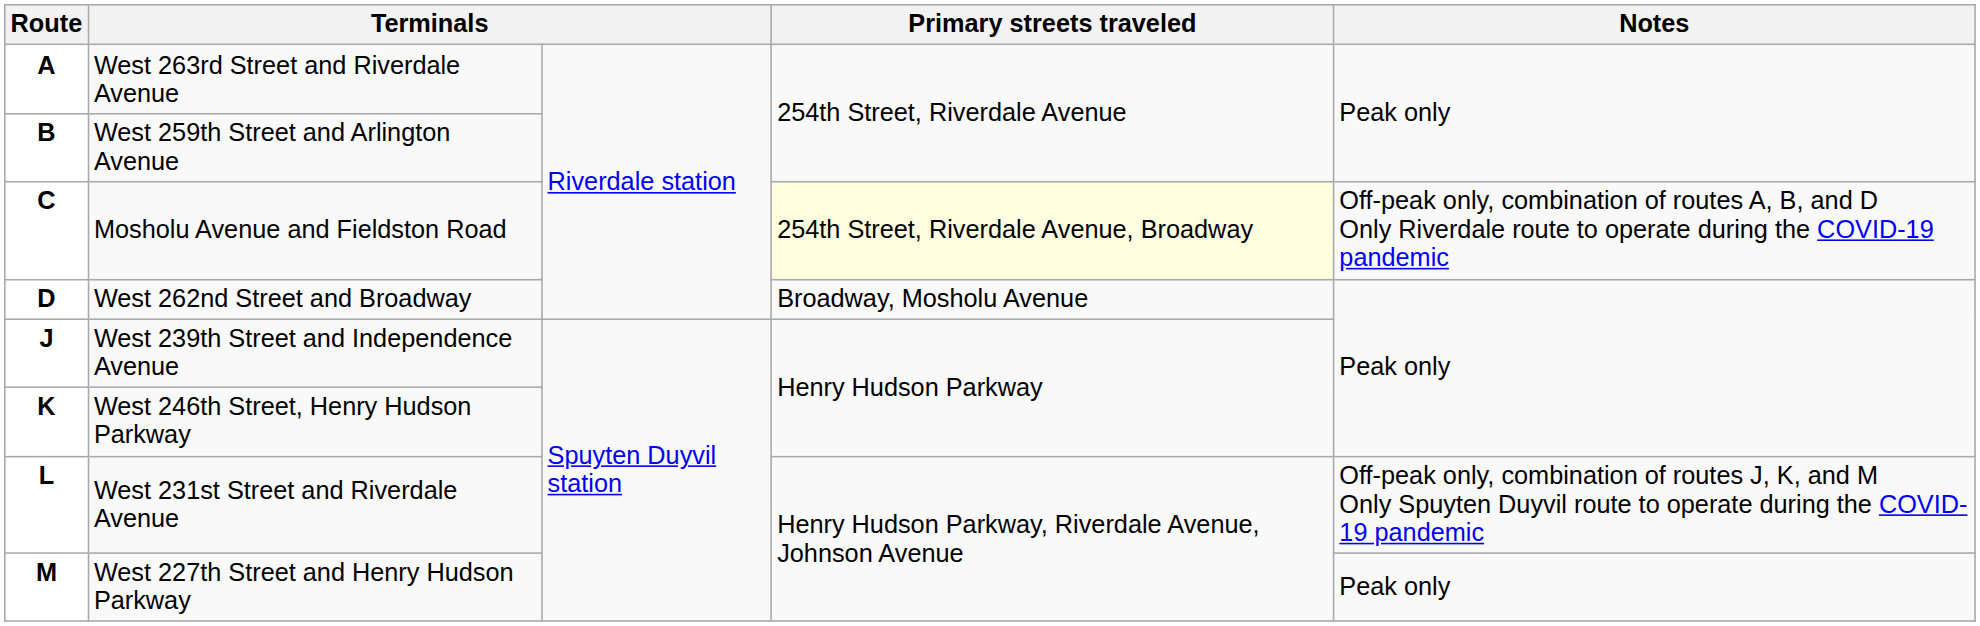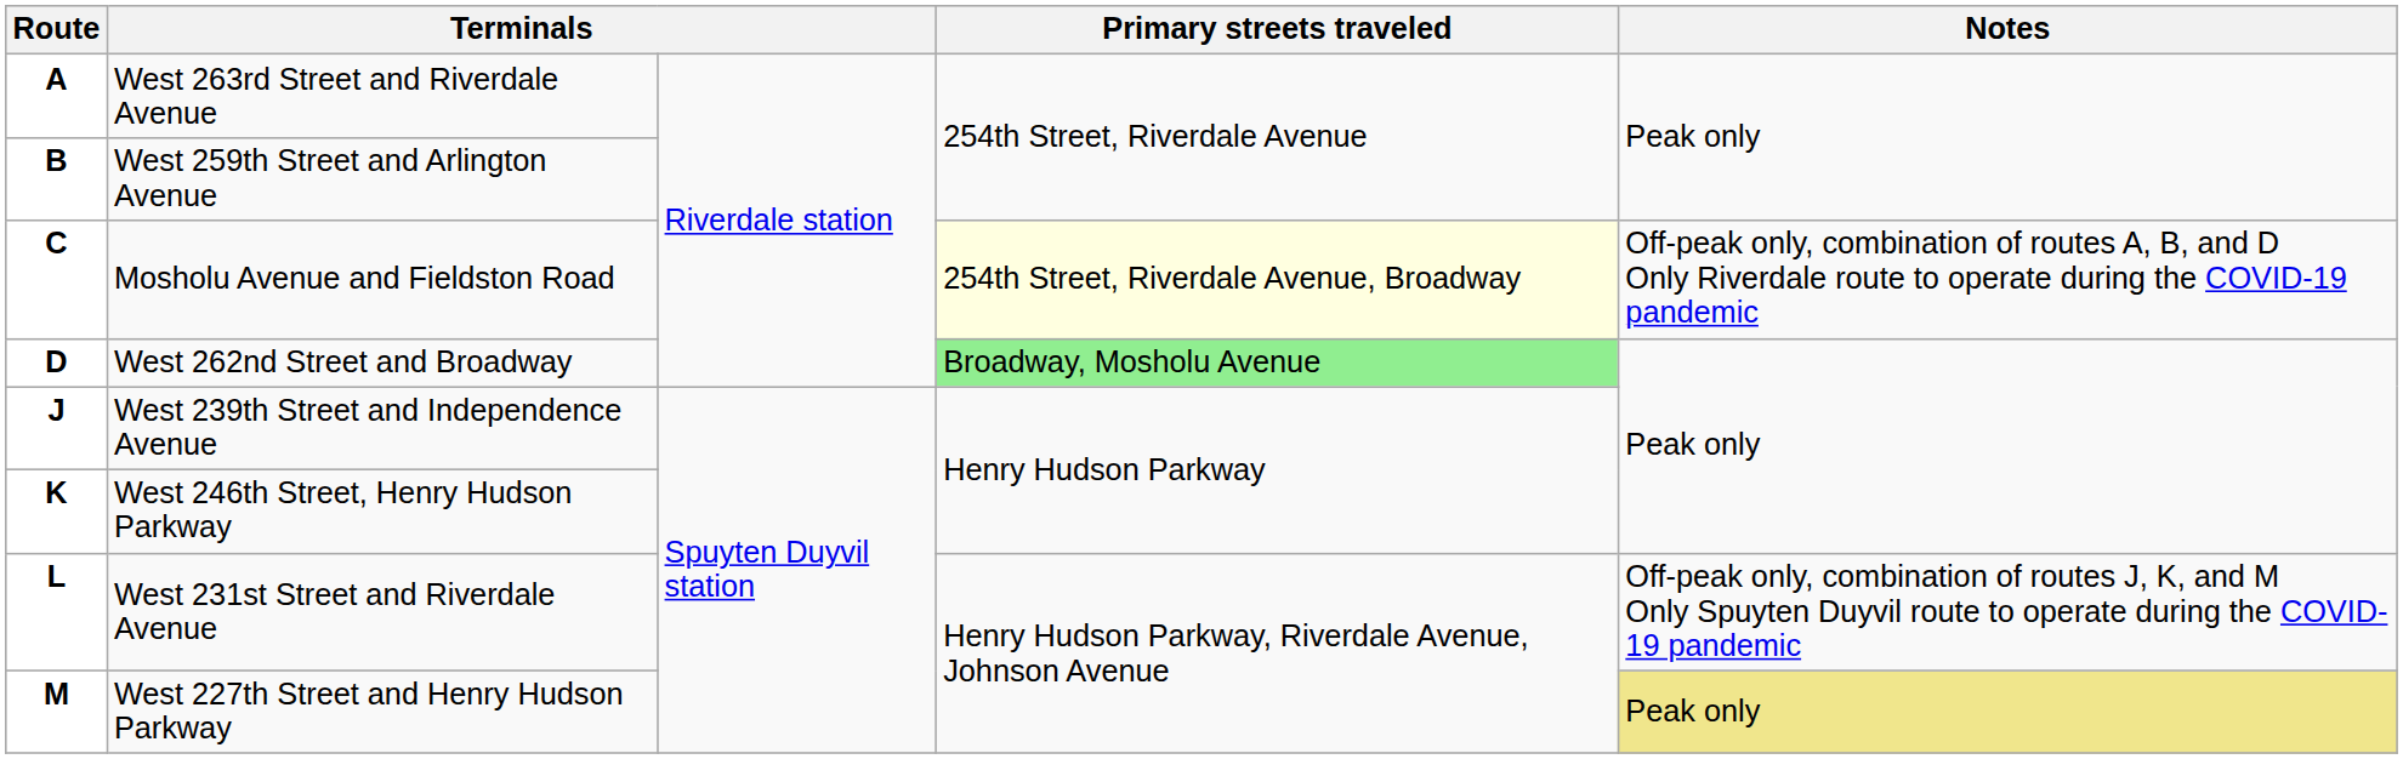 <table class=wikitable style="font-size: 100%;" |>
 <tr>
 <th>Route</th>
 <th colspan=2>Terminals</th>
 <th>Primary streets traveled</th>
 <th>Notes</th>
 </tr>
 <tr>
 <td style="text-align:center; background:white; color:black; vertical-align:top;"><div><strong>A</strong></div></td>
 <td>West 263rd Street and Riverdale Avenue</td>
 <td rowspan=4><a href='#'>Riverdale station</a></td>
 <td rowspan=2>254th Street, Riverdale Avenue</td>
 <td rowspan=2>Peak only</td>
 </tr>
 <tr>
 <td style="text-align:center; background:white; color:black; vertical-align:top;"><div><strong>B</strong></div></td>
 <td>West 259th Street and Arlington Avenue</td>
 </tr>
 <tr>
 <td style="text-align:center; background:white; color:black; vertical-align:top;"><div><strong>C</strong></div></td>
 <td>Mosholu Avenue and Fieldston Road</td>
 <td style="background: lightyellow;">254th Street, Riverdale Avenue, Broadway</td>
 <td>Off-peak only, combination of routes A, B, and D<br>Only Riverdale route to operate during the <a href='#'>COVID-19 pandemic</a></td>
 </tr>
 <tr>
 <td style="text-align:center; background:white; color:black; vertical-align:top;"><div><strong>D</strong></div></td>
 <td>West 262nd Street and Broadway</td>
-<td>Broadway, Mosholu Avenue</td>
+<td style="background: lightgreen;">Broadway, Mosholu Avenue</td>
 <td rowspan="3">Peak only</td>
 </tr>
 <tr>
 <td style="text-align:center; background:white; color:black; vertical-align:top;"><div><strong>J</strong></div></td>
 <td>West 239th Street and Independence Avenue</td>
 <td rowspan=4><a href='#'>Spuyten Duyvil station</a></td>
 <td rowspan=2>Henry Hudson Parkway</td>
 </tr>
 <tr>
 <td style="text-align:center; background:white; color:black; vertical-align:top;"><div><strong>K</strong></div></td>
 <td>West 246th Street, Henry Hudson Parkway</td>
 </tr>
 <tr>
 <td style="text-align:center; background:white; color:black; vertical-align:top;"><div><strong>L</strong></div></td>
 <td>West 231st Street and Riverdale Avenue</td>
 <td rowspan=2>Henry Hudson Parkway, Riverdale Avenue, Johnson Avenue</td>
 <td>Off-peak only, combination of routes J, K, and M<br>Only Spuyten Duyvil route to operate during the <a href='#'>COVID-19 pandemic</a></td>
 </tr>
 <tr>
 <td style="text-align:center; background:white; color:black; vertical-align:top;"><div><strong>M</strong></div></td>
 <td>West 227th Street and Henry Hudson Parkway</td>
-<td>Peak only</td>
+<td style="background: khaki;">Peak only</td>
 </tr>
 </table>
